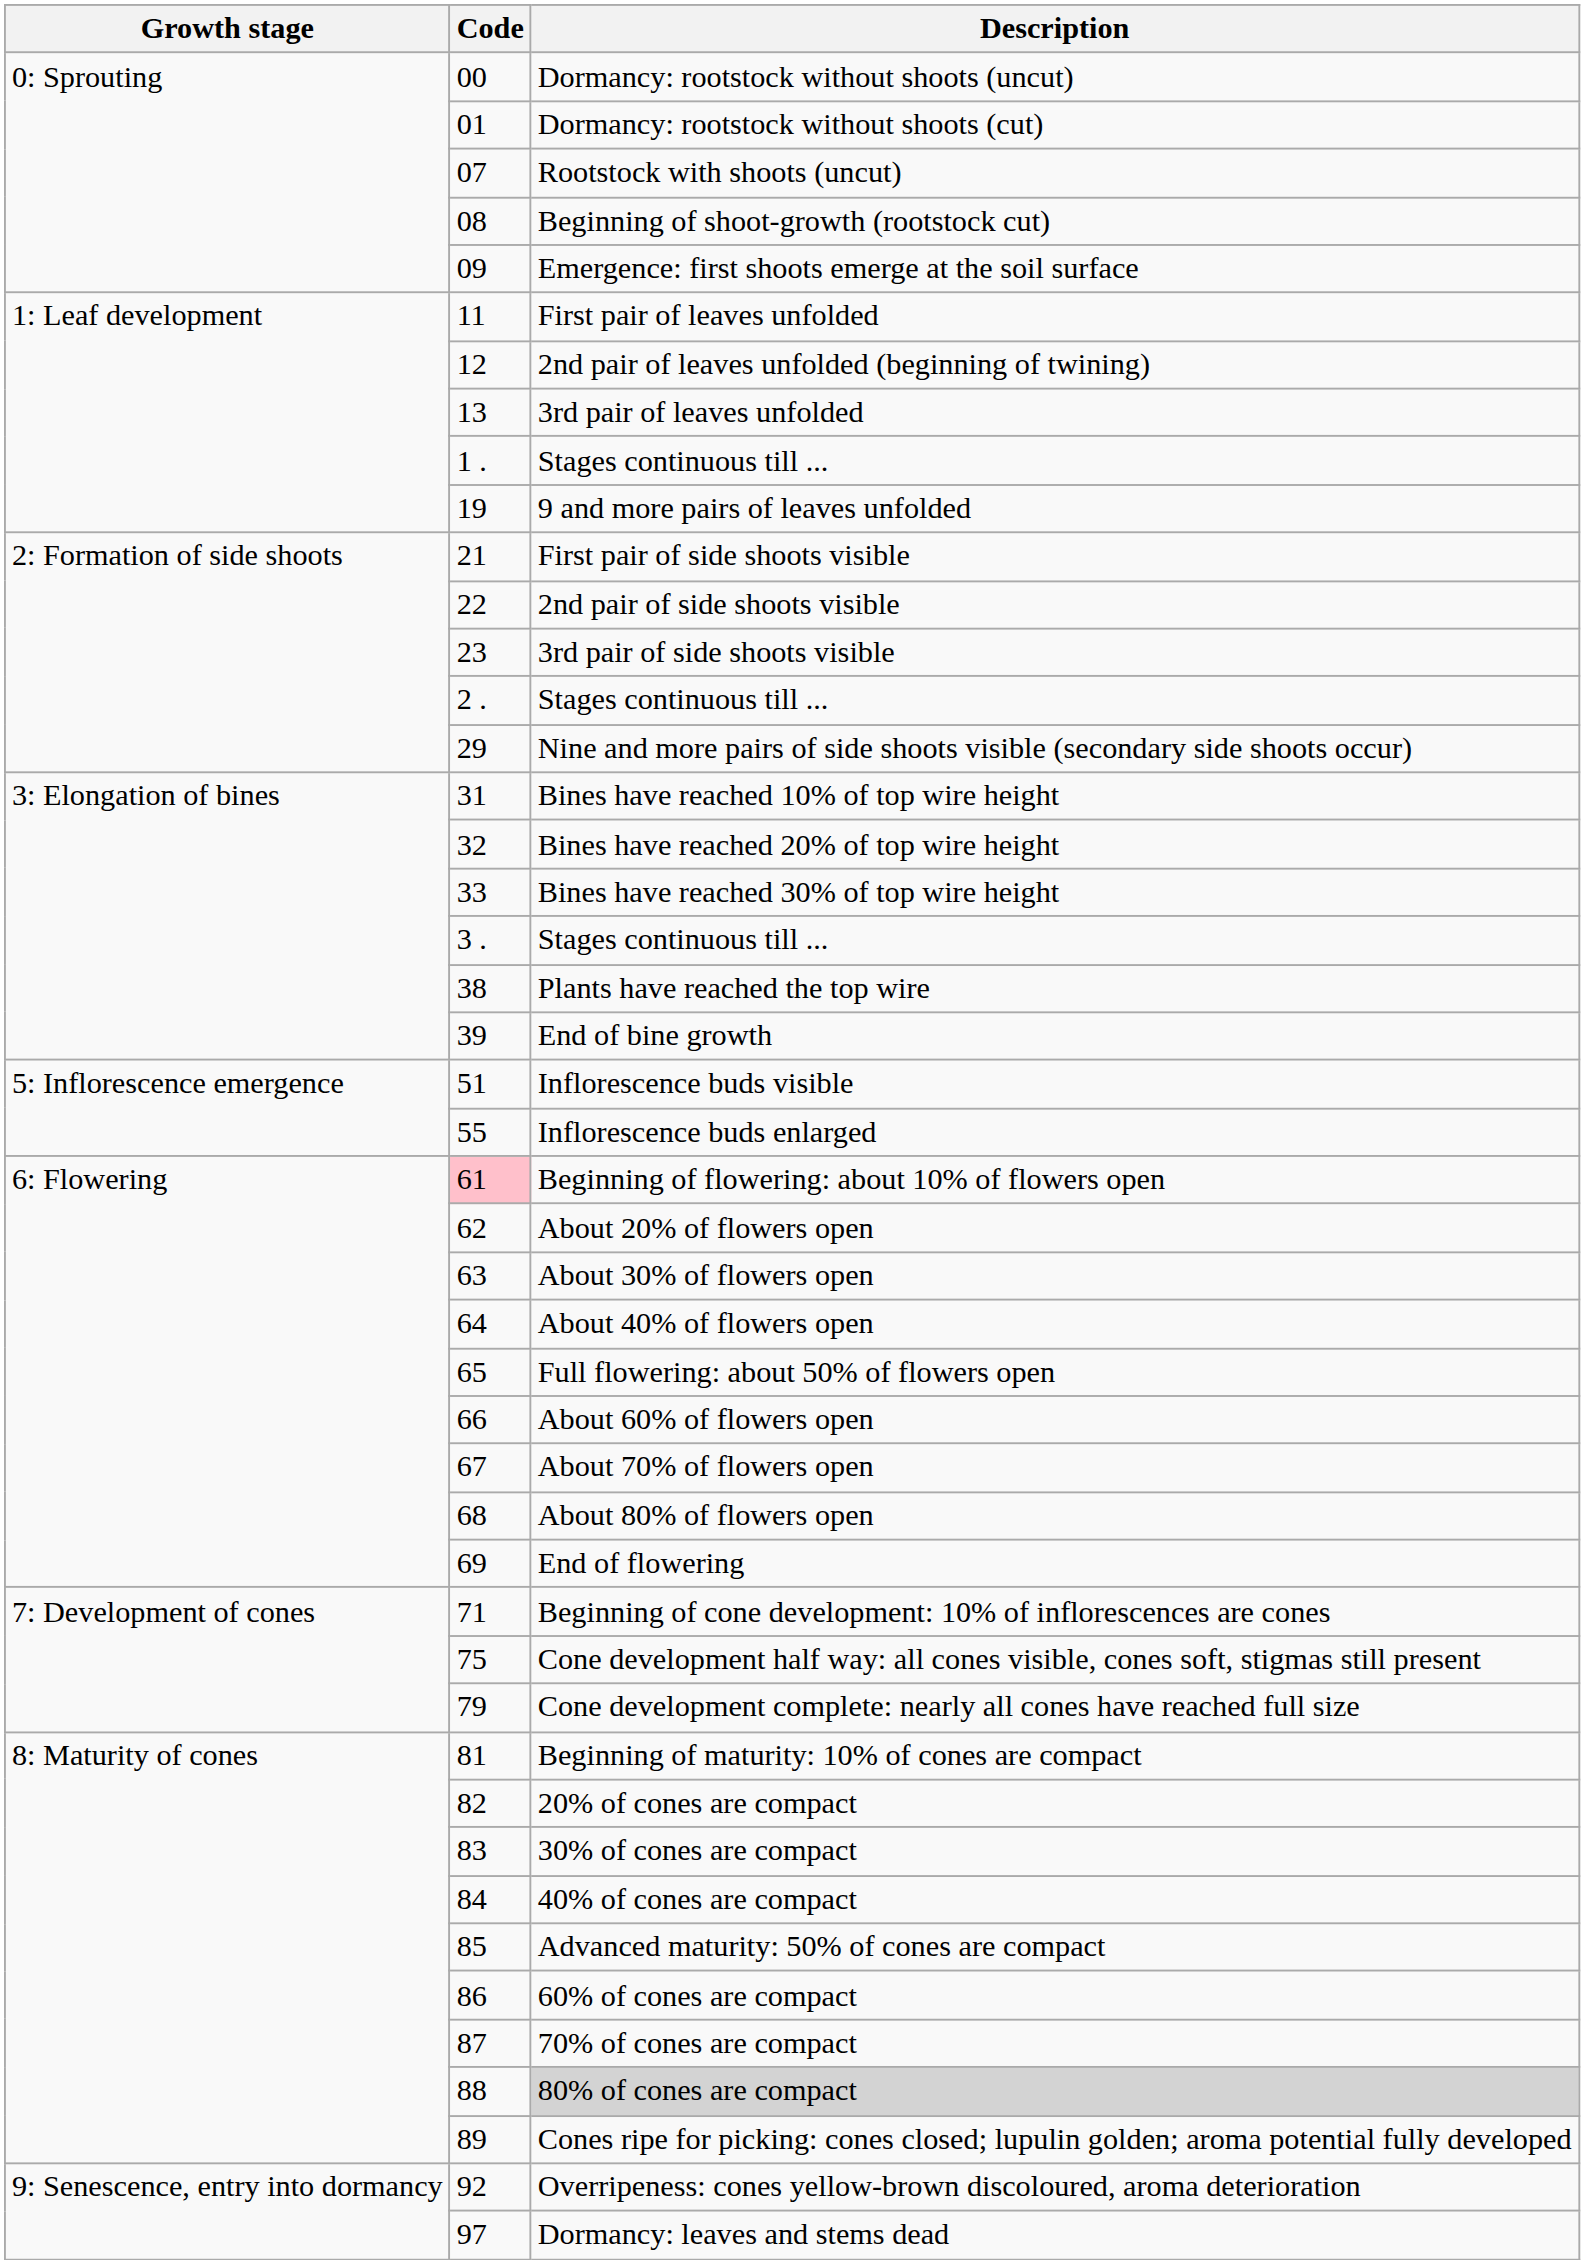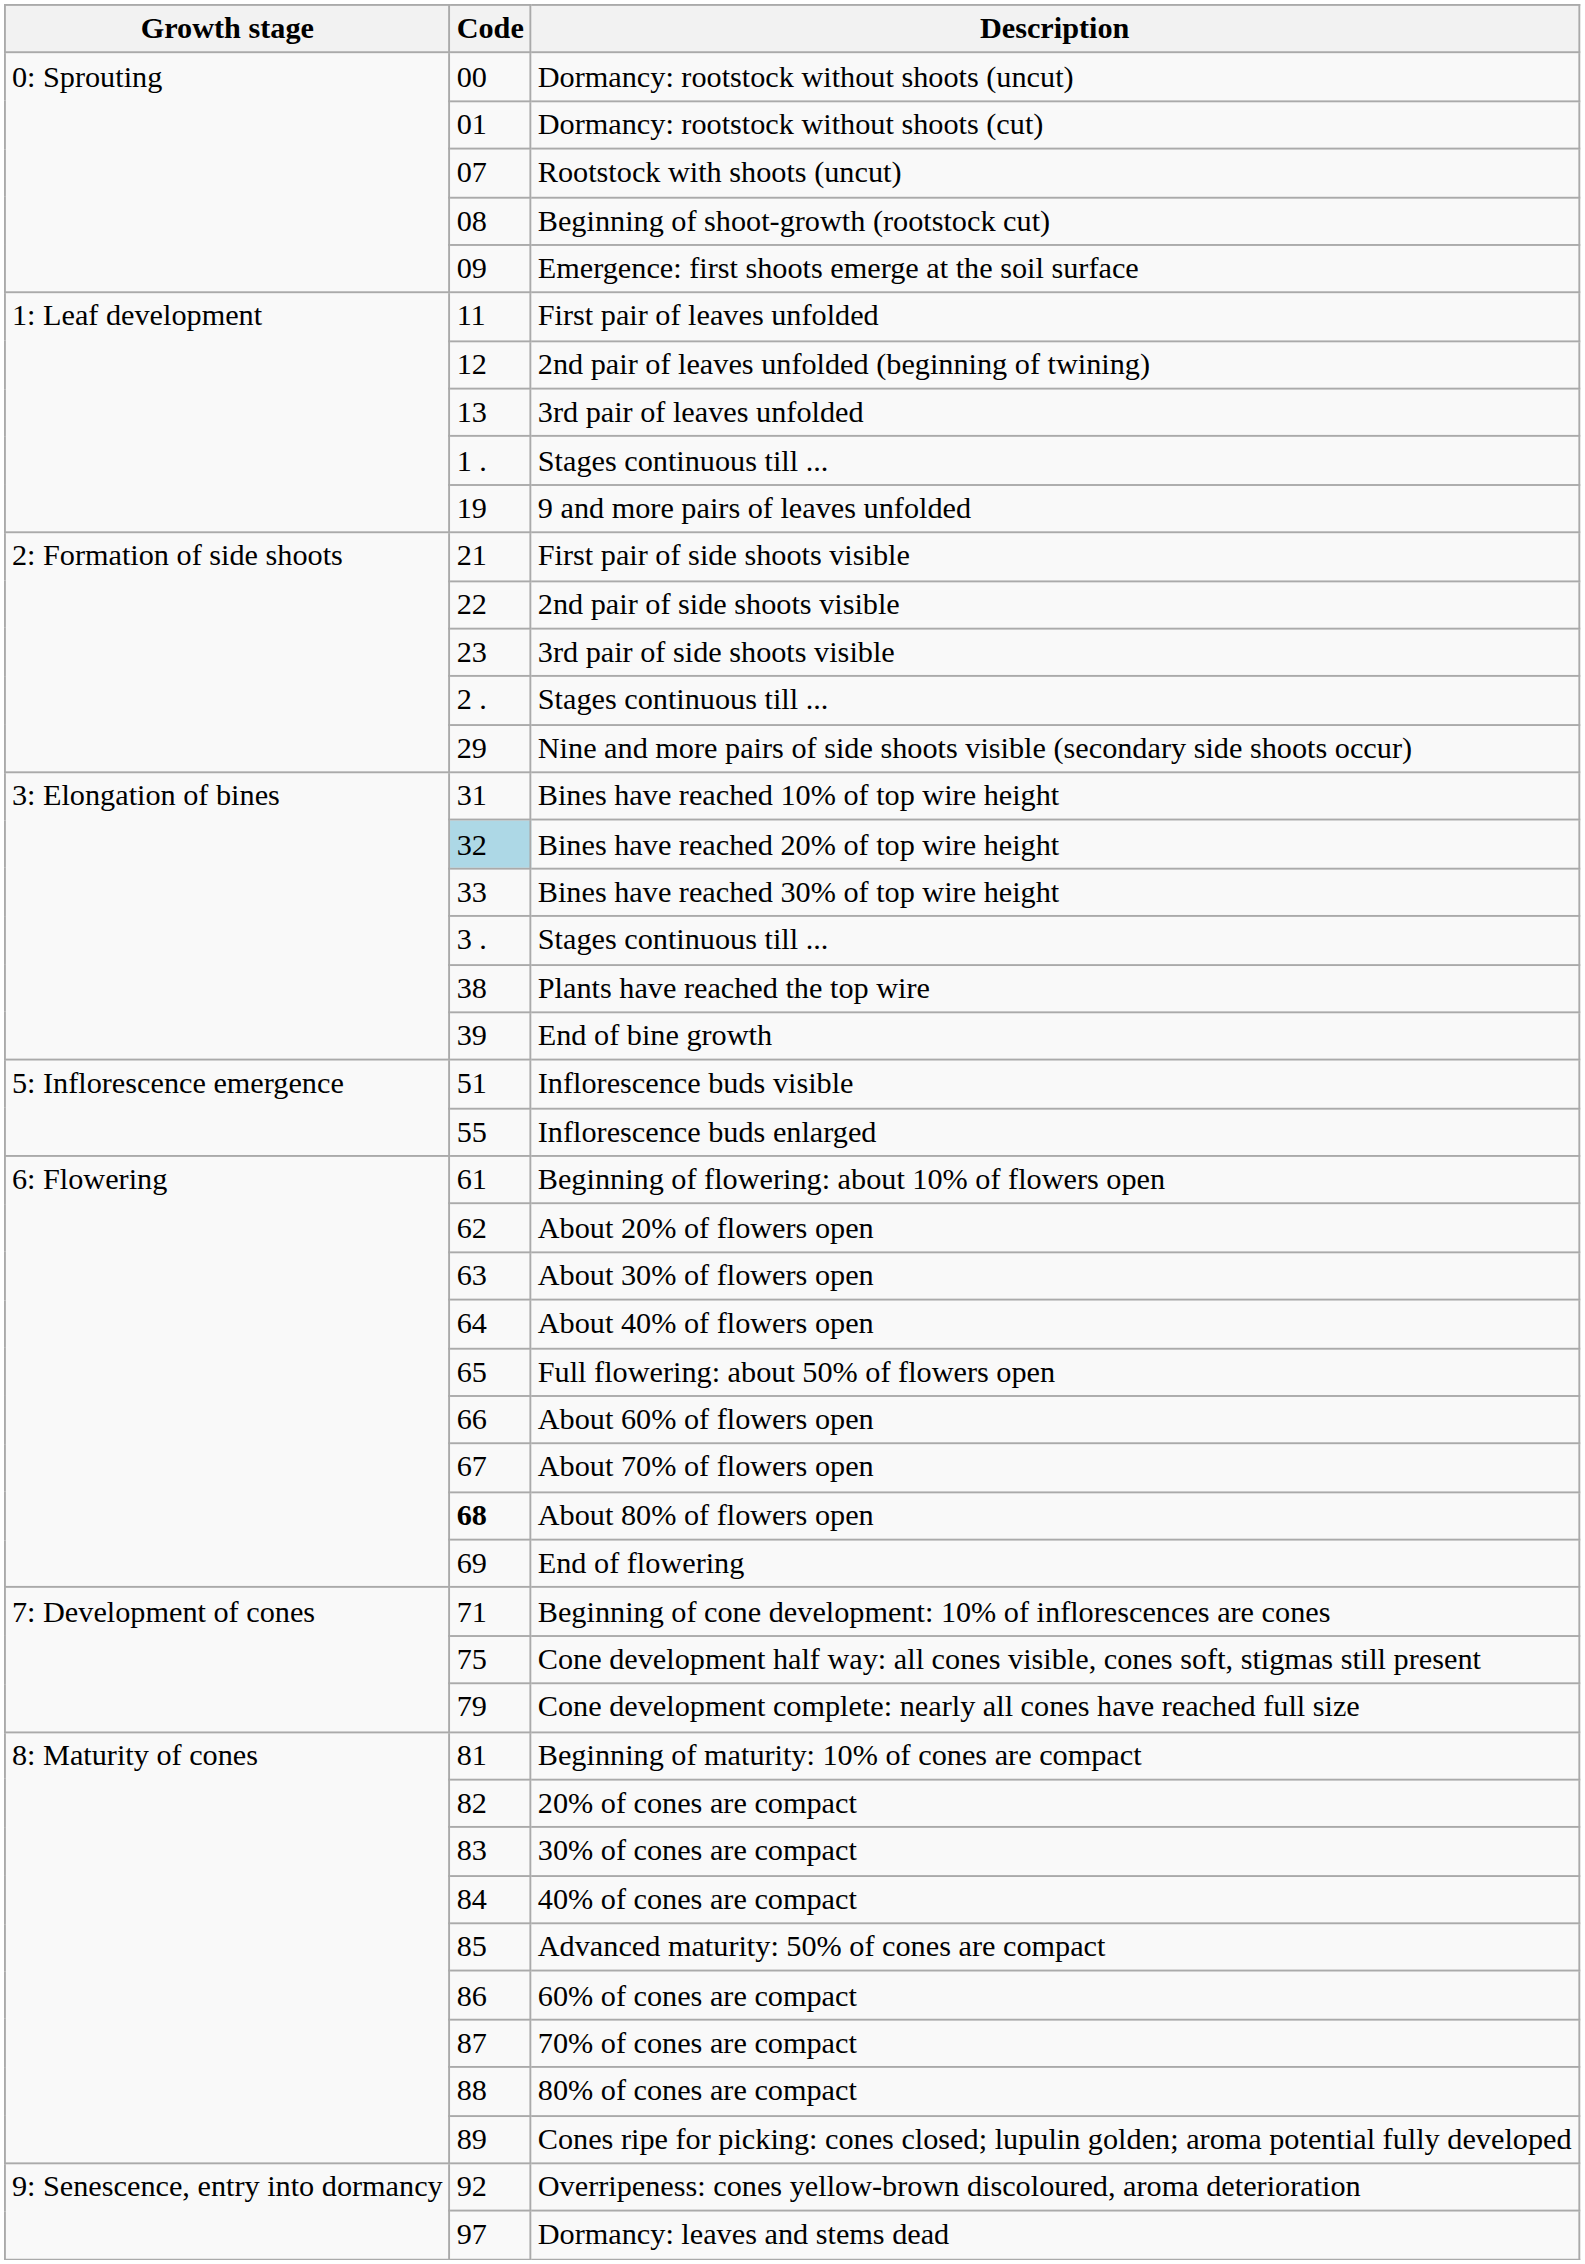 <table class="wikitable" style="clear">
 <tr>
 <th>Growth stage</th>
 <th>Code</th>
 <th>Description</th>
 </tr>
 <tr>
 <td rowspan="5" style="vertical-align:top">0: Sprouting</td>
 <td>00</td>
 <td>Dormancy: rootstock without shoots (uncut)</td>
 </tr>
 <tr>
 <td>01</td>
 <td>Dormancy: rootstock without shoots (cut)</td>
 </tr>
 <tr>
 <td>07</td>
 <td>Rootstock with shoots (uncut)</td>
 </tr>
 <tr>
 <td>08</td>
 <td>Beginning of shoot-growth (rootstock cut)</td>
 </tr>
 <tr>
 <td>09</td>
 <td>Emergence: first shoots emerge at the soil surface</td>
 </tr>
 <tr>
 <td rowspan="5" style="vertical-align:top">1: Leaf development</td>
 <td>11</td>
 <td>First pair of leaves unfolded</td>
 </tr>
 <tr>
 <td>12</td>
 <td>2nd pair of leaves unfolded (beginning of twining)</td>
 </tr>
 <tr>
 <td>13</td>
 <td>3rd pair of leaves unfolded</td>
 </tr>
 <tr>
 <td>1 .</td>
 <td>Stages continuous till ...</td>
 </tr>
 <tr>
 <td>19</td>
 <td>9 and more pairs of leaves unfolded</td>
 </tr>
 <tr>
 <td rowspan="5" style="vertical-align:top">2: Formation of side shoots</td>
 <td>21</td>
 <td>First pair of side shoots visible</td>
 </tr>
 <tr>
 <td>22</td>
 <td>2nd pair of side shoots visible</td>
 </tr>
 <tr>
 <td>23</td>
 <td>3rd pair of side shoots visible</td>
 </tr>
 <tr>
 <td>2 .</td>
 <td>Stages continuous till ...</td>
 </tr>
 <tr>
 <td>29</td>
 <td>Nine and more pairs of side shoots visible (secondary side shoots occur)</td>
 </tr>
 <tr>
 <td rowspan="6" style="vertical-align:top">3: Elongation of bines</td>
 <td>31</td>
 <td>Bines have reached 10% of top wire height</td>
 </tr>
 <tr>
-<td>32</td>
+<td style="background: lightblue;">32</td>
 <td>Bines have reached 20% of top wire height</td>
 </tr>
 <tr>
 <td>33</td>
 <td>Bines have reached 30% of top wire height</td>
 </tr>
 <tr>
 <td>3 .</td>
 <td>Stages continuous till ...</td>
 </tr>
 <tr>
 <td>38</td>
 <td>Plants have reached the top wire</td>
 </tr>
 <tr>
 <td>39</td>
 <td>End of bine growth</td>
 </tr>
 <tr>
 <td rowspan="2" style="vertical-align:top">5: Inflorescence emergence</td>
 <td>51</td>
 <td>Inflorescence buds visible</td>
 </tr>
 <tr>
 <td>55</td>
 <td>Inflorescence buds enlarged</td>
 </tr>
 <tr>
 <td rowspan="9" style="vertical-align:top">6: Flowering</td>
-<td style="background: pink;">61</td>
+<td>61</td>
 <td>Beginning of flowering: about 10% of flowers open</td>
 </tr>
 <tr>
 <td>62</td>
 <td>About 20% of flowers open</td>
 </tr>
 <tr>
 <td>63</td>
 <td>About 30% of flowers open</td>
 </tr>
 <tr>
 <td>64</td>
 <td>About 40% of flowers open</td>
 </tr>
 <tr>
 <td>65</td>
 <td>Full flowering: about 50% of flowers open</td>
 </tr>
 <tr>
 <td>66</td>
 <td>About 60% of flowers open</td>
 </tr>
 <tr>
 <td>67</td>
 <td>About 70% of flowers open</td>
 </tr>
 <tr>
-<td>68</td>
+<td><strong>68</strong></td>
 <td>About 80% of flowers open</td>
 </tr>
 <tr>
 <td>69</td>
 <td>End of flowering</td>
 </tr>
 <tr>
 <td rowspan="3" style="vertical-align:top">7: Development of cones</td>
 <td>71</td>
 <td>Beginning of cone development: 10% of inflorescences are cones</td>
 </tr>
 <tr>
 <td>75</td>
 <td>Cone development half way: all cones visible, cones soft, stigmas still present</td>
 </tr>
 <tr>
 <td>79</td>
 <td>Cone development complete: nearly all cones have reached full size</td>
 </tr>
 <tr>
 <td rowspan="9" style="vertical-align:top">8: Maturity of cones</td>
 <td>81</td>
 <td>Beginning of maturity: 10% of cones are compact</td>
 </tr>
 <tr>
 <td>82</td>
 <td>20% of cones are compact</td>
 </tr>
 <tr>
 <td>83</td>
 <td>30% of cones are compact</td>
 </tr>
 <tr>
 <td>84</td>
 <td>40% of cones are compact</td>
 </tr>
 <tr>
 <td>85</td>
 <td>Advanced maturity: 50% of cones are compact</td>
 </tr>
 <tr>
 <td>86</td>
 <td>60% of cones are compact</td>
 </tr>
 <tr>
 <td>87</td>
 <td>70% of cones are compact</td>
 </tr>
 <tr>
 <td>88</td>
-<td style="background: lightgrey;">80% of cones are compact</td>
+<td>80% of cones are compact</td>
 </tr>
 <tr>
 <td>89</td>
 <td>Cones ripe for picking: cones closed; lupulin golden; aroma potential fully developed</td>
 </tr>
 <tr>
 <td rowspan="2" style="vertical-align:top">9: Senescence, entry into dormancy</td>
 <td>92</td>
 <td>Overripeness: cones yellow-brown discoloured, aroma deterioration</td>
 </tr>
 <tr>
 <td>97</td>
 <td>Dormancy: leaves and stems dead</td>
 </tr>
 </table>
